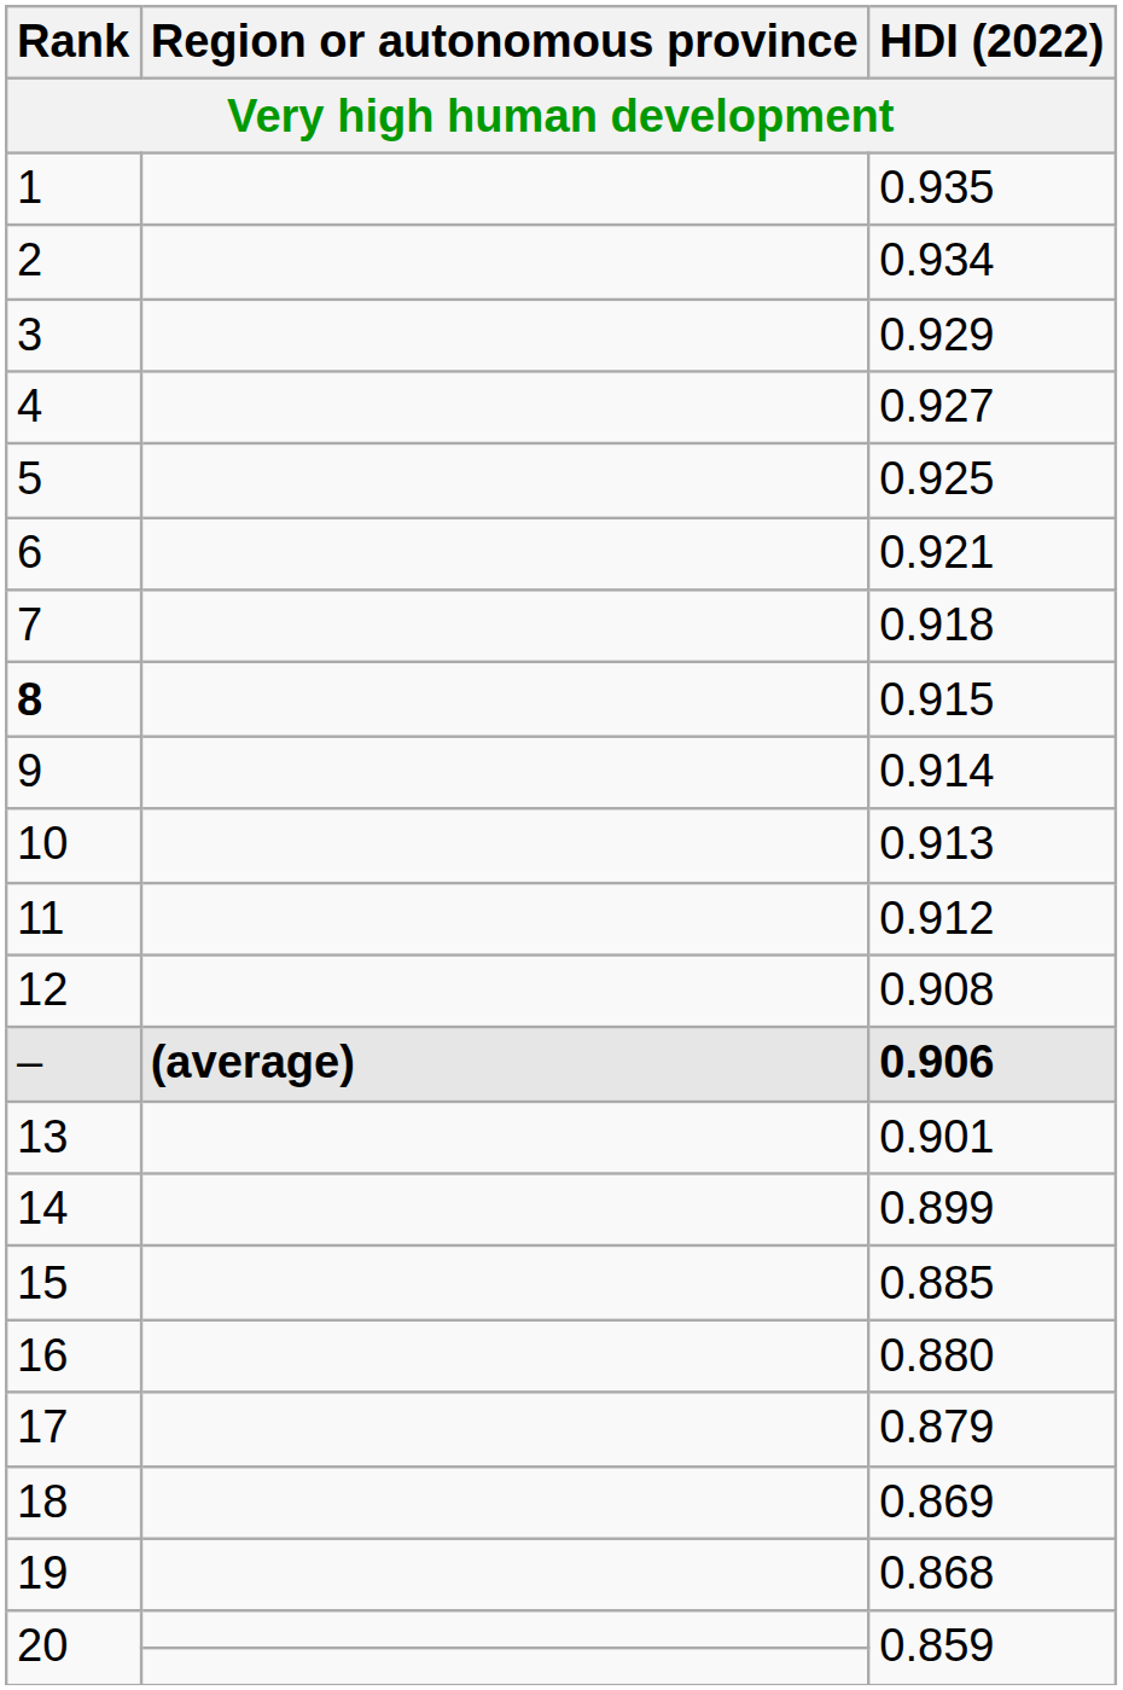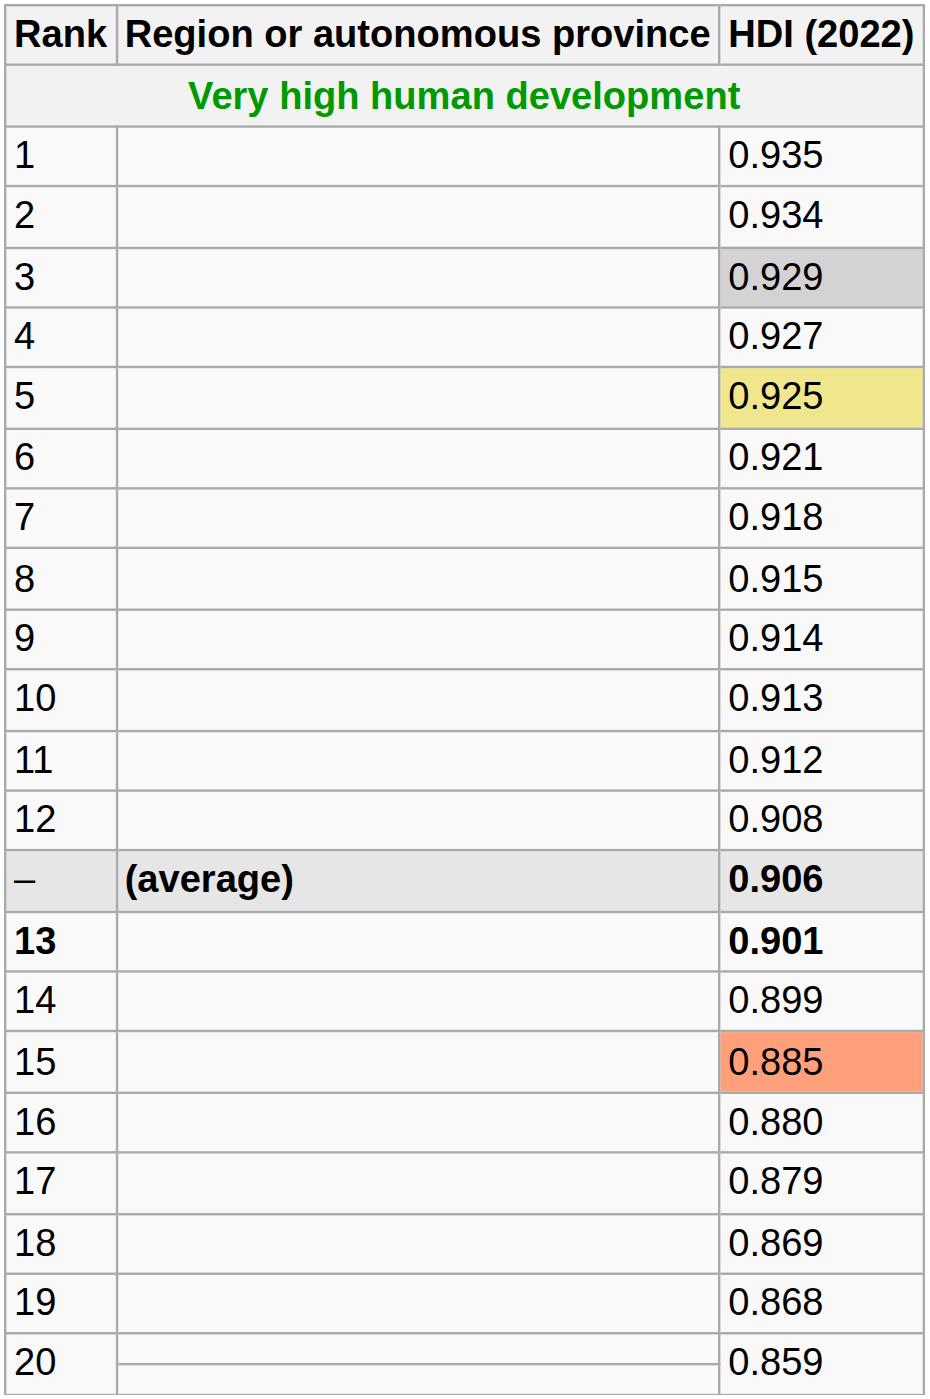 <table class="wikitable sortable">
 <tr>
 <th>Rank</th>
 <th>Region or autonomous province</th>
 <th>HDI (2022)</th>
 </tr>
 <tr>
 <th style="color:#090;" colspan="3">Very high human development</th>
 </tr>
 <tr>
 <td>1</td>
 <td></td>
 <td>0.935</td>
 </tr>
 <tr>
 <td>2</td>
 <td></td>
 <td>0.934</td>
 </tr>
 <tr>
 <td>3</td>
 <td></td>
-<td>0.929</td>
+<td style="background: lightgrey;">0.929</td>
 </tr>
 <tr>
 <td>4</td>
 <td></td>
 <td>0.927</td>
 </tr>
 <tr>
 <td>5</td>
 <td></td>
-<td>0.925</td>
+<td style="background: khaki;">0.925</td>
 </tr>
 <tr>
 <td>6</td>
 <td></td>
 <td>0.921</td>
 </tr>
 <tr>
 <td>7</td>
 <td></td>
 <td>0.918</td>
 </tr>
 <tr>
-<td><strong>8</strong></td>
+<td>8</td>
 <td></td>
 <td>0.915</td>
 </tr>
 <tr>
 <td>9</td>
 <td></td>
 <td>0.914</td>
 </tr>
 <tr>
 <td>10</td>
 <td></td>
 <td>0.913</td>
 </tr>
 <tr>
 <td>11</td>
 <td></td>
 <td>0.912</td>
 </tr>
 <tr>
 <td>12</td>
 <td></td>
 <td>0.908</td>
 </tr>
 <tr style="background:#e6e6e6">
 <td>–</td>
 <td> <strong>(average)</strong></td>
 <td><strong>0.906</strong></td>
 </tr>
 <tr>
-<td>13</td>
+<td><strong>13</strong></td>
 <td></td>
-<td>0.901</td>
+<td><strong>0.901</strong></td>
 </tr>
 <tr>
 <td>14</td>
 <td></td>
 <td>0.899</td>
 </tr>
 <tr>
 <td>15</td>
 <td></td>
-<td>0.885</td>
+<td style="background: lightsalmon;">0.885</td>
 </tr>
 <tr>
 <td>16</td>
 <td></td>
 <td>0.880</td>
 </tr>
 <tr>
 <td>17</td>
 <td></td>
 <td>0.879</td>
 </tr>
 <tr>
 <td>18</td>
 <td></td>
 <td>0.869</td>
 </tr>
 <tr>
 <td>19</td>
 <td></td>
 <td>0.868</td>
 </tr>
 <tr>
 <td rowspan="2">20</td>
 <td></td>
 <td rowspan="2">0.859</td>
 </tr>
 <tr>
 <td></td>
 </tr>
 <tr>
 </tr>
 </table>
